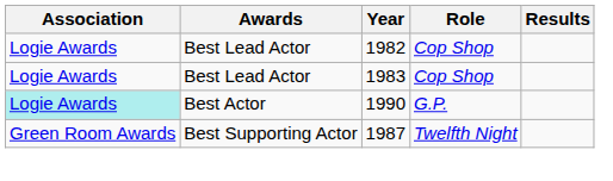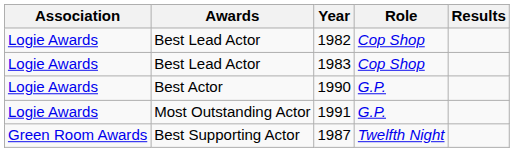 <table class="wikitable">
 <tr>
 <th>Association</th>
 <th>Awards</th>
 <th>Year</th>
 <th>Role</th>
 <th>Results</th>
 </tr>
 <tr>
 <td><a href='#'>Logie Awards</a></td>
 <td>Best Lead Actor</td>
 <td>1982</td>
 <td><em><a href='#'>Cop Shop</a></em></td>
 <td></td>
 </tr>
 <tr>
 <td><a href='#'>Logie Awards</a></td>
 <td>Best Lead Actor</td>
 <td>1983</td>
 <td><em><a href='#'>Cop Shop</a></em></td>
 <td></td>
 </tr>
 <tr>
-<td style="background: paleturquoise;"><a href='#'>Logie Awards</a></td>
+<td><a href='#'>Logie Awards</a></td>
 <td>Best Actor</td>
 <td>1990</td>
+<td><em><a href='#'>G.P.</a></em></td>
+<td></td>
+</tr>
+<tr>
+<td><a href='#'>Logie Awards</a></td>
+<td>Most Outstanding Actor</td>
+<td>1991</td>
 <td><em><a href='#'>G.P.</a></em></td>
 <td></td>
 </tr>
 <tr>
 <td><a href='#'>Green Room Awards</a></td>
 <td>Best Supporting Actor</td>
 <td>1987</td>
 <td><em><a href='#'>Twelfth Night</a></em></td>
 <td></td>
 </tr>
 </table>
